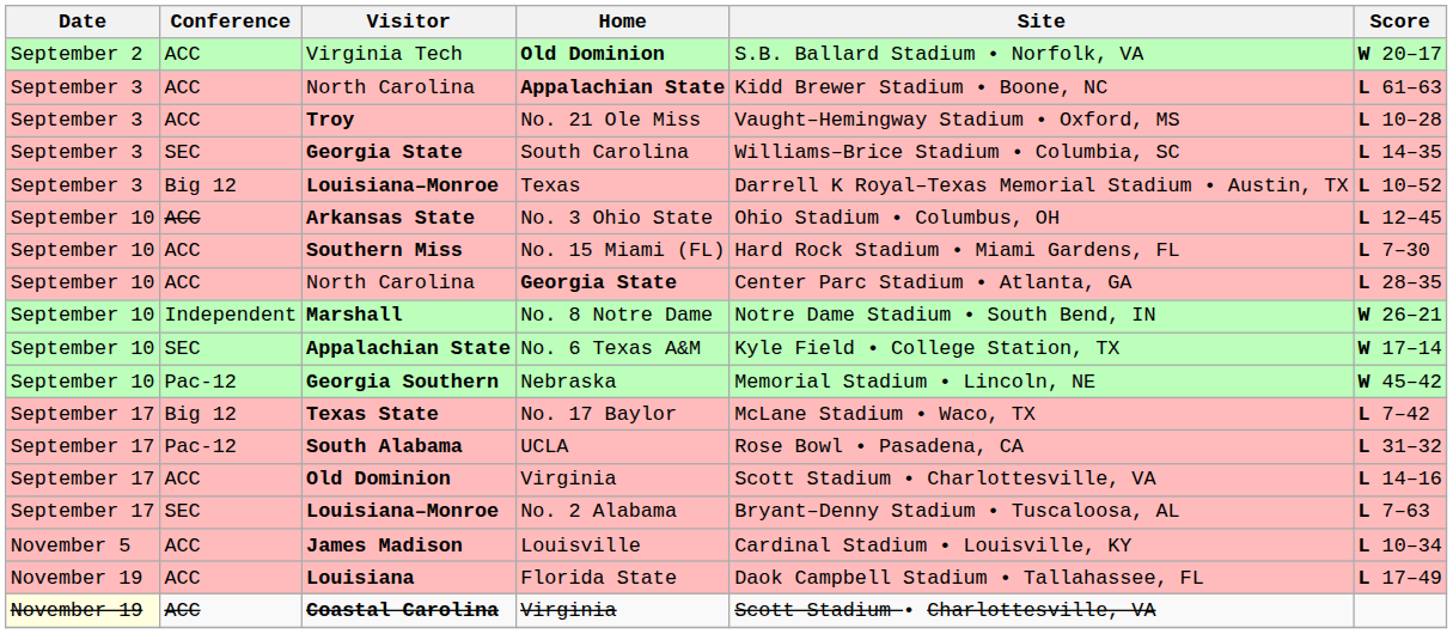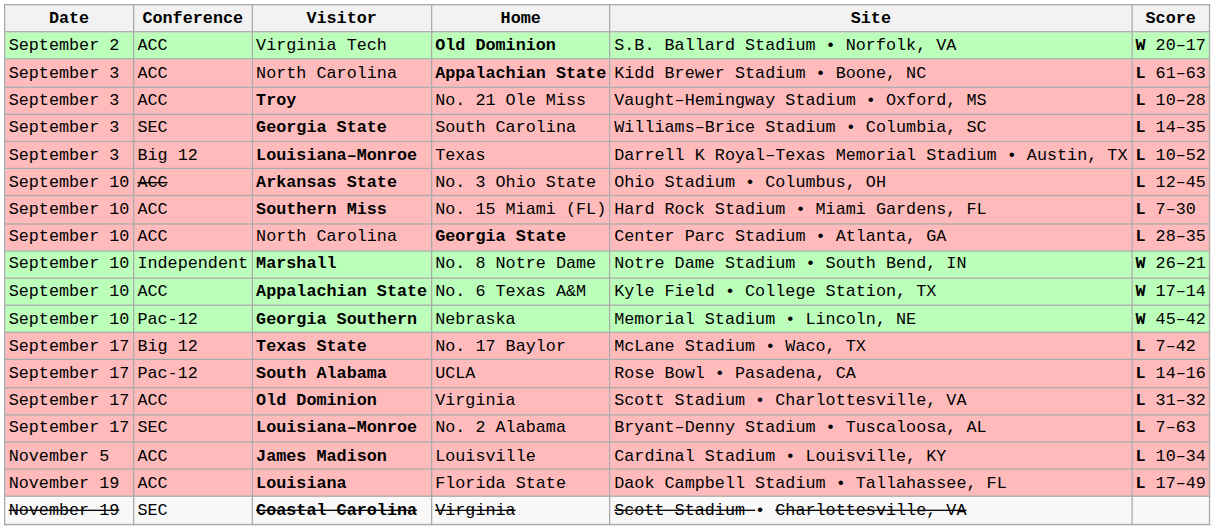 <table class="wikitable">
 <tr>
 <th>Date</th>
 <th>Conference</th>
 <th>Visitor</th>
 <th>Home</th>
 <th>Site</th>
 <th>Score</th>
 </tr>
 <tr style="background:#bfb;">
 <td>September 2</td>
 <td>ACC</td>
 <td>Virginia Tech</td>
 <td><strong>Old Dominion</strong></td>
 <td>S.B. Ballard Stadium • Norfolk, VA</td>
 <td><strong>W</strong> 20–17</td>
 </tr>
 <tr style="background:#fbb;">
 <td>September 3</td>
 <td>ACC</td>
 <td>North Carolina</td>
 <td><strong>Appalachian State</strong></td>
 <td>Kidd Brewer Stadium • Boone, NC</td>
 <td><strong>L</strong> 61–63</td>
 </tr>
 <tr style="background:#fbb;">
 <td>September 3</td>
 <td>ACC</td>
 <td><strong>Troy</strong></td>
 <td>No. 21 Ole Miss</td>
 <td>Vaught–Hemingway Stadium • Oxford, MS</td>
 <td><strong>L</strong> 10–28</td>
 </tr>
 <tr style="background:#fbb;">
 <td>September 3</td>
 <td>SEC</td>
 <td><strong>Georgia State</strong></td>
 <td>South Carolina</td>
 <td>Williams–Brice Stadium • Columbia, SC</td>
 <td><strong>L</strong> 14–35</td>
 </tr>
 <tr style="background:#fbb;">
 <td>September 3</td>
 <td>Big 12</td>
 <td><strong>Louisiana–Monroe</strong></td>
 <td>Texas</td>
 <td>Darrell K Royal–Texas Memorial Stadium • Austin, TX</td>
 <td><strong>L</strong> 10–52</td>
 </tr>
 <tr style="background:#fbb;">
 <td>September 10</td>
 <td><s>ACC</s></td>
 <td><strong>Arkansas State</strong></td>
 <td>No. 3 Ohio State</td>
 <td>Ohio Stadium • Columbus, OH</td>
 <td><strong>L</strong> 12–45</td>
 </tr>
 <tr style="background:#fbb;">
 <td>September 10</td>
 <td>ACC</td>
 <td><strong>Southern Miss</strong></td>
 <td>No. 15 Miami (FL)</td>
 <td>Hard Rock Stadium • Miami Gardens, FL</td>
 <td><strong>L</strong> 7–30</td>
 </tr>
 <tr style="background:#fbb;">
 <td>September 10</td>
 <td>ACC</td>
 <td>North Carolina</td>
 <td><strong>Georgia State</strong></td>
 <td>Center Parc Stadium • Atlanta, GA</td>
 <td><strong>L</strong> 28–35</td>
 </tr>
 <tr style="background:#bfb;">
 <td>September 10</td>
 <td>Independent</td>
 <td><strong>Marshall</strong></td>
 <td>No. 8 Notre Dame</td>
 <td>Notre Dame Stadium • South Bend, IN</td>
 <td><strong>W</strong> 26–21</td>
 </tr>
 <tr style="background:#bfb;">
 <td>September 10</td>
-<td>SEC</td>
+<td>ACC</td>
 <td><strong>Appalachian State</strong></td>
 <td>No. 6 Texas A&M</td>
 <td>Kyle Field • College Station, TX</td>
 <td><strong>W</strong> 17–14</td>
 </tr>
 <tr style="background:#bfb;">
 <td>September 10</td>
 <td>Pac-12</td>
 <td><strong>Georgia Southern</strong></td>
 <td>Nebraska</td>
 <td>Memorial Stadium • Lincoln, NE</td>
 <td><strong>W</strong> 45–42</td>
 </tr>
 <tr style="background:#fbb;">
 <td>September 17</td>
 <td>Big 12</td>
 <td><strong>Texas State</strong></td>
 <td>No. 17 Baylor</td>
 <td>McLane Stadium • Waco, TX</td>
 <td><strong>L</strong> 7–42</td>
 </tr>
 <tr style="background:#fbb;">
 <td>September 17</td>
 <td>Pac-12</td>
 <td><strong>South Alabama</strong></td>
 <td>UCLA</td>
 <td>Rose Bowl • Pasadena, CA</td>
-<td><strong>L</strong> 31–32</td>
+<td><strong>L</strong> 14–16</td>
 </tr>
 <tr style="background:#fbb;">
 <td>September 17</td>
 <td>ACC</td>
 <td><strong>Old Dominion</strong></td>
 <td>Virginia</td>
 <td>Scott Stadium • Charlottesville, VA</td>
-<td><strong>L</strong> 14–16</td>
+<td><strong>L</strong> 31–32</td>
 </tr>
 <tr style="background:#fbb;">
 <td>September 17</td>
 <td>SEC</td>
 <td><strong>Louisiana–Monroe</strong></td>
 <td>No. 2 Alabama</td>
 <td>Bryant–Denny Stadium • Tuscaloosa, AL</td>
 <td><strong>L</strong> 7–63</td>
 </tr>
 <tr style="background:#fbb;">
 <td>November 5</td>
 <td>ACC</td>
 <td><strong>James Madison</strong></td>
 <td>Louisville</td>
 <td>Cardinal Stadium • Louisville, KY</td>
 <td><strong>L</strong> 10–34</td>
 </tr>
 <tr style="background:#fbb;">
 <td>November 19</td>
 <td>ACC</td>
 <td><strong>Louisiana</strong></td>
 <td>Florida State</td>
 <td>Daok Campbell Stadium • Tallahassee, FL</td>
 <td><strong>L</strong> 17–49</td>
 </tr>
 <tr>
-<td style="background: lightyellow;"><s> November 19</s></td>
-<td><s>ACC</s></td>
+<td><s> November 19</s></td>
+<td>SEC</td>
 <td><s> <strong>Coastal Carolina</strong></s></td>
 <td><s>Virginia</s></td>
 <td><s>Scott Stadium </s> • <s>Charlottesville, VA</s></td>
 <td> </td>
 </tr>
 <tr>
 </tr>
 </table>
